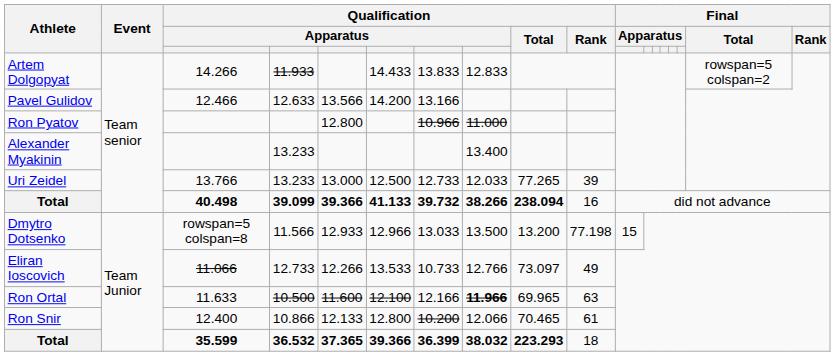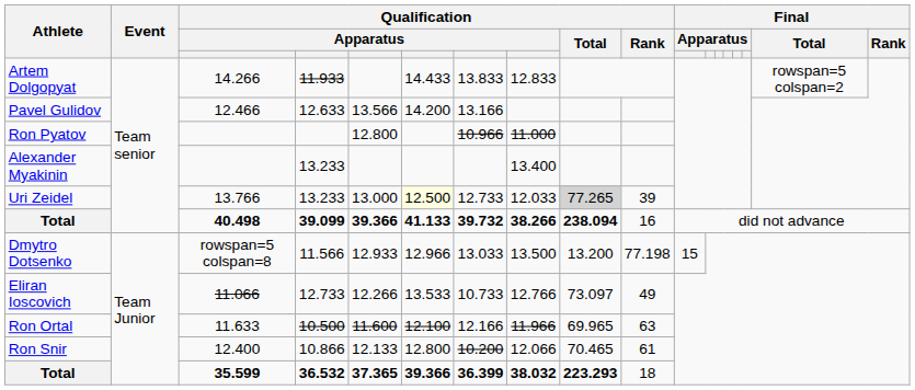 <table class="wikitable" style="font-size:90%; text-align:center;">
 <tr>
 <th rowspan=3>Athlete</th>
 <th rowspan=3>Event</th>
 <th colspan =8>Qualification</th>
 <th colspan =8>Final</th>
 </tr>
 <tr style="font-size:95%">
 <th colspan=6>Apparatus</th>
 <th rowspan=2>Total</th>
 <th rowspan=2>Rank</th>
 <th colspan=6>Apparatus</th>
 <th rowspan=2>Total</th>
 <th rowspan=2>Rank</th>
 </tr>
 <tr style="font-size:95%">
 <th></th>
 <th></th>
 <th></th>
 <th></th>
 <th></th>
 <th></th>
 <th></th>
 <th></th>
 <th></th>
 <th></th>
 <th></th>
 <th></th>
 </tr>
 <tr>
 <td align=left><a href='#'>Artem Dolgopyat</a></td>
 <td align=left rowspan=6>Team senior</td>
 <td>14.266</td>
 <td><s>11.933</s></td>
 <td><s></s></td>
 <td>14.433</td>
 <td>13.833</td>
 <td>12.833</td>
 <td colspan=2></td>
 <td colspan="6" rowspan="5"></td>
 <td>rowspan=5 colspan=2 </td>
 </tr>
 <tr>
 <td align=left><a href='#'>Pavel Gulidov</a></td>
 <td>12.466</td>
 <td>12.633</td>
 <td>13.566</td>
 <td>14.200</td>
 <td>13.166</td>
 <td></td>
 <td></td>
 <td></td>
 </tr>
 <tr>
 <td align=left><a href='#'>Ron Pyatov</a></td>
 <td></td>
 <td></td>
 <td>12.800</td>
 <td></td>
 <td><s>10.966</s></td>
 <td><s>11.000</s></td>
 <td></td>
 <td></td>
 </tr>
 <tr>
 <td align=left><a href='#'>Alexander Myakinin</a></td>
 <td></td>
 <td>13.233</td>
 <td></td>
 <td></td>
 <td></td>
 <td>13.400</td>
 <td></td>
 <td></td>
 </tr>
 <tr>
 <td align=left><a href='#'>Uri Zeidel</a></td>
 <td>13.766</td>
 <td>13.233</td>
 <td>13.000</td>
-<td>12.500</td>
+<td style="background: lightyellow;">12.500</td>
 <td>12.733</td>
 <td>12.033</td>
-<td>77.265</td>
+<td style="background: lightgrey;">77.265</td>
 <td>39</td>
 </tr>
 <tr>
 <th>Total</th>
 <td><strong>40.498</strong></td>
 <td><strong>39.099</strong></td>
 <td><strong>39.366</strong></td>
 <td><strong>41.133</strong></td>
 <td><strong>39.732</strong></td>
 <td><strong>38.266</strong></td>
 <td><strong>238.094</strong></td>
 <td>16</td>
 <td colspan="8">did not advance</td>
 </tr>
 <tr>
 <td align=left><a href='#'>Dmytro Dotsenko</a></td>
 <td align=left rowspan=5>Team Junior</td>
 <td>rowspan=5 colspan=8 </td>
 <td>11.566</td>
 <td>12.933</td>
 <td>12.966</td>
 <td>13.033</td>
 <td>13.500</td>
 <td>13.200</td>
 <td>77.198</td>
 <td>15</td>
 </tr>
 <tr>
 <td align=left><a href='#'>Eliran Ioscovich</a></td>
 <td><s>11.066</s></td>
 <td>12.733</td>
 <td>12.266</td>
 <td>13.533</td>
 <td>10.733</td>
 <td>12.766</td>
 <td>73.097</td>
 <td>49</td>
 </tr>
 <tr>
 <td align=left><a href='#'>Ron Ortal</a></td>
 <td>11.633</td>
 <td><s>10.500</s></td>
 <td><s>11.600</s></td>
 <td><s>12.100</s></td>
 <td>12.166</td>
-<td><strong><s>11.966</s></strong></td>
+<td><s>11.966</s></td>
 <td>69.965</td>
 <td>63</td>
 </tr>
 <tr>
 <td align=left><a href='#'>Ron Snir</a></td>
 <td>12.400</td>
 <td>10.866</td>
 <td>12.133</td>
 <td>12.800</td>
 <td><s>10.200</s></td>
 <td>12.066</td>
 <td>70.465</td>
 <td>61</td>
 </tr>
 <tr>
 <th>Total</th>
 <td><strong>35.599</strong></td>
 <td><strong>36.532</strong></td>
 <td><strong>37.365</strong></td>
 <td><strong>39.366</strong></td>
 <td><strong>36.399</strong></td>
 <td><strong>38.032</strong></td>
 <td><strong>223.293</strong></td>
 <td>18</td>
 </tr>
 </table>
